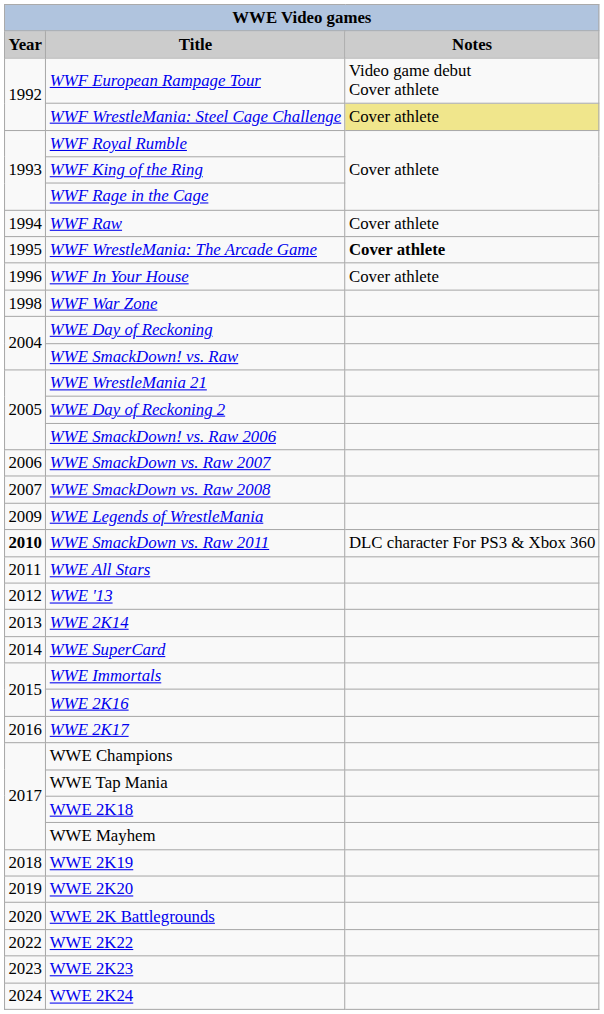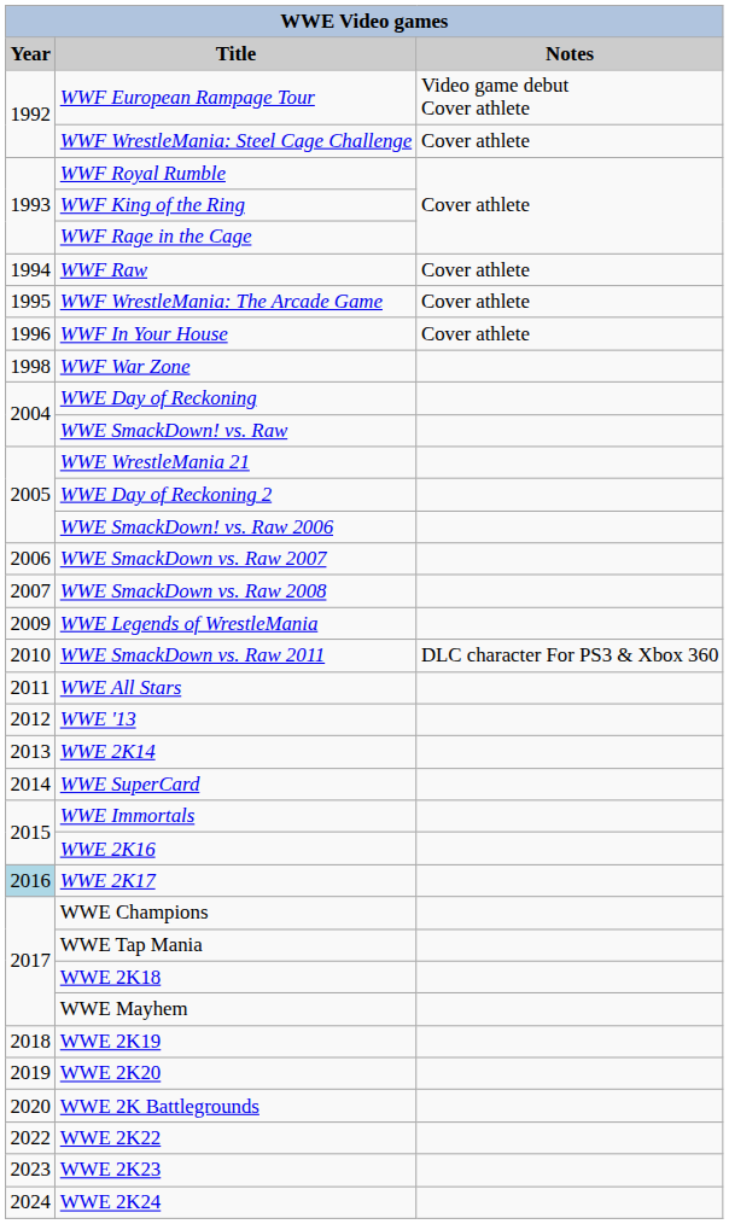 <table class="wikitable sortable">
 <tr style="text-align:center;">
 <th colspan=4 style="background:#B0C4DE;">WWE Video games</th>
 </tr>
 <tr style="text-align:center;">
 <th style="background:#ccc;">Year</th>
 <th style="background:#ccc;">Title</th>
 <th style="background:#ccc;">Notes</th>
 </tr>
 <tr>
 <td rowspan="2">1992</td>
 <td><em><a href='#'>WWF European Rampage Tour</a></em></td>
 <td>Video game debut <br> Cover athlete</td>
 </tr>
 <tr>
 <td><em><a href='#'>WWF WrestleMania: Steel Cage Challenge</a></em></td>
-<td style="background: khaki;">Cover athlete</td>
+<td>Cover athlete</td>
 </tr>
 <tr>
 <td rowspan="3">1993</td>
 <td><em><a href='#'>WWF Royal Rumble</a></em></td>
 <td rowspan="3">Cover athlete</td>
 </tr>
 <tr>
 <td><em><a href='#'>WWF King of the Ring</a></em></td>
 </tr>
 <tr>
 <td><em><a href='#'>WWF Rage in the Cage</a></em></td>
 </tr>
 <tr>
 <td>1994</td>
 <td><em><a href='#'>WWF Raw</a></em></td>
 <td>Cover athlete</td>
 </tr>
 <tr>
 <td>1995</td>
 <td><em><a href='#'>WWF WrestleMania: The Arcade Game</a></em></td>
-<td><strong>Cover athlete</strong></td>
+<td>Cover athlete</td>
 </tr>
 <tr>
 <td>1996</td>
 <td><em><a href='#'>WWF In Your House</a></em></td>
 <td>Cover athlete</td>
 </tr>
 <tr>
 <td>1998</td>
 <td><em><a href='#'>WWF War Zone</a></em></td>
 <td></td>
 </tr>
 <tr>
 <td rowspan="2">2004</td>
 <td><em><a href='#'>WWE Day of Reckoning</a></em></td>
 <td></td>
 </tr>
 <tr>
 <td><em><a href='#'>WWE SmackDown! vs. Raw</a></em></td>
 <td></td>
 </tr>
 <tr>
 <td rowspan="3">2005</td>
 <td><em><a href='#'>WWE WrestleMania 21</a></em></td>
 <td></td>
 </tr>
 <tr>
 <td><em><a href='#'>WWE Day of Reckoning 2</a></em></td>
 <td></td>
 </tr>
 <tr>
 <td><em><a href='#'>WWE SmackDown! vs. Raw 2006</a></em></td>
 <td></td>
 </tr>
 <tr>
 <td>2006</td>
 <td><em><a href='#'>WWE SmackDown vs. Raw 2007</a></em></td>
 <td></td>
 </tr>
 <tr>
 <td>2007</td>
 <td><em><a href='#'>WWE SmackDown vs. Raw 2008</a></em></td>
 <td></td>
 </tr>
 <tr>
 <td>2009</td>
 <td><em><a href='#'>WWE Legends of WrestleMania</a></em></td>
 <td></td>
 </tr>
 <tr>
-<td><strong>2010</strong></td>
+<td>2010</td>
 <td><em><a href='#'>WWE SmackDown vs. Raw 2011</a></em></td>
 <td>DLC character For PS3 & Xbox 360</td>
 </tr>
 <tr>
 <td>2011</td>
 <td><em><a href='#'>WWE All Stars</a></em></td>
 <td></td>
 </tr>
 <tr>
 <td>2012</td>
 <td><em><a href='#'>WWE '13</a></em></td>
 <td></td>
 </tr>
 <tr>
 <td>2013</td>
 <td><em><a href='#'>WWE 2K14</a></em></td>
 <td></td>
 </tr>
 <tr>
 <td>2014</td>
 <td><em><a href='#'>WWE SuperCard</a></em></td>
 <td></td>
 </tr>
 <tr>
 <td rowspan="2">2015</td>
 <td><em><a href='#'>WWE Immortals</a></em></td>
 <td></td>
 </tr>
 <tr>
 <td><em><a href='#'>WWE 2K16</a></em></td>
 <td></td>
 </tr>
 <tr>
-<td>2016</td>
+<td style="background: lightblue;">2016</td>
 <td><em><a href='#'>WWE 2K17</a></em></td>
 <td></td>
 </tr>
 <tr>
 <td rowspan="4">2017<em></td>
 <td></em>WWE Champions<em></td>
 <td></td>
 </tr>
 <tr>
 <td></em>WWE Tap Mania<em></td>
 <td></td>
 </tr>
 <tr>
 <td></em><a href='#'>WWE 2K18</a><em></td>
 <td></td>
 </tr>
 <tr>
 <td></em>WWE Mayhem<em></td>
 <td></td>
 </tr>
 <tr>
 <td>2018</td>
 <td></em><a href='#'>WWE 2K19</a><em></td>
 <td></td>
 </tr>
 <tr>
 <td>2019</td>
 <td></em><a href='#'>WWE 2K20</a><em></td>
 <td></td>
 </tr>
 <tr>
 <td>2020</td>
 <td></em> <a href='#'>WWE 2K Battlegrounds</a><em></td>
 <td></td>
 </tr>
 <tr>
 <td>2022</td>
 <td></em><a href='#'>WWE 2K22</a><em></td>
 <td></td>
 </tr>
 <tr>
 <td>2023</td>
 <td></em><a href='#'>WWE 2K23</a><em></td>
 <td></td>
 </tr>
 <tr>
 <td>2024</td>
 <td></em><a href='#'>WWE 2K24</a><em></td>
 <td></td>
 </tr>
 </table>
